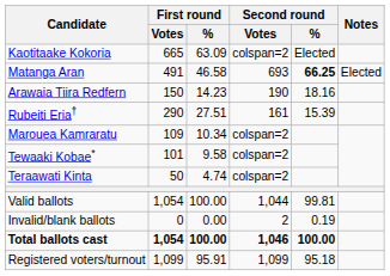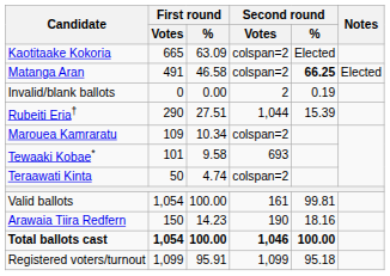 <table class=wikitable style=text-align:right>
 <tr>
 <th rowspan=2>Candidate</th>
 <th colspan=2>First round</th>
 <th colspan=2>Second round</th>
 <th rowspan=2>Notes</th>
 </tr>
 <tr>
 <th>Votes</th>
 <th>%</th>
 <th>Votes</th>
 <th>%</th>
 </tr>
 <tr>
 <td align=left><a href='#'>Kaotitaake Kokoria</a></td>
 <td>665</td>
 <td>63.09</td>
 <td>colspan=2 </td>
 <td>Elected</td>
 </tr>
 <tr>
 <td align=left><a href='#'>Matanga Aran</a></td>
 <td>491</td>
 <td>46.58</td>
-<td>693</td>
+<td>colspan=2 </td>
 <td><strong>66.25</strong></td>
 <td>Elected</td>
 </tr>
 <tr>
-<td align=left><a href='#'>Arawaia Tiira Redfern</a></td>
-<td>150</td>
-<td>14.23</td>
-<td>190</td>
-<td>18.16</td>
+<td align=left>Invalid/blank ballots</td>
+<td>0</td>
+<td>0.00</td>
+<td>2</td>
+<td>0.19</td>
 <td></td>
 </tr>
 <tr>
 <td align=left><a href='#'>Rubeiti Eria</a><sup>†</sup></td>
 <td>290</td>
 <td>27.51</td>
-<td>161</td>
+<td>1,044</td>
 <td>15.39</td>
 <td></td>
 </tr>
 <tr>
 <td align=left><a href='#'>Marouea Kamraratu</a></td>
 <td>109</td>
 <td>10.34</td>
 <td>colspan=2 </td>
 <td></td>
 </tr>
 <tr>
 <td align=left><a href='#'>Tewaaki Kobae</a><sup>*</sup></td>
 <td>101</td>
 <td>9.58</td>
-<td>colspan=2 </td>
+<td>693</td>
 <td></td>
 </tr>
 <tr>
 <td align=left><a href='#'>Teraawati Kinta</a></td>
 <td>50</td>
 <td>4.74</td>
 <td>colspan=2 </td>
 <td></td>
 </tr>
 <tr>
 <th colspan=6></th>
 </tr>
 <tr>
 <td align=left>Valid ballots</td>
 <td>1,054</td>
 <td>100.00</td>
-<td>1,044</td>
+<td>161</td>
 <td>99.81</td>
 <td></td>
 </tr>
 <tr>
-<td align=left>Invalid/blank ballots</td>
-<td>0</td>
-<td>0.00</td>
-<td>2</td>
-<td>0.19</td>
+<td align=left><a href='#'>Arawaia Tiira Redfern</a></td>
+<td>150</td>
+<td>14.23</td>
+<td>190</td>
+<td>18.16</td>
 <td></td>
 </tr>
 <tr style="font-weight:bold">
 <td align=left>Total ballots cast</td>
 <td>1,054</td>
 <td>100.00</td>
 <td>1,046</td>
 <td>100.00</td>
 <td></td>
 </tr>
 <tr>
 <td align=left>Registered voters/turnout</td>
 <td>1,099</td>
 <td>95.91</td>
 <td>1,099</td>
 <td>95.18</td>
 <td></td>
 </tr>
 </table>
